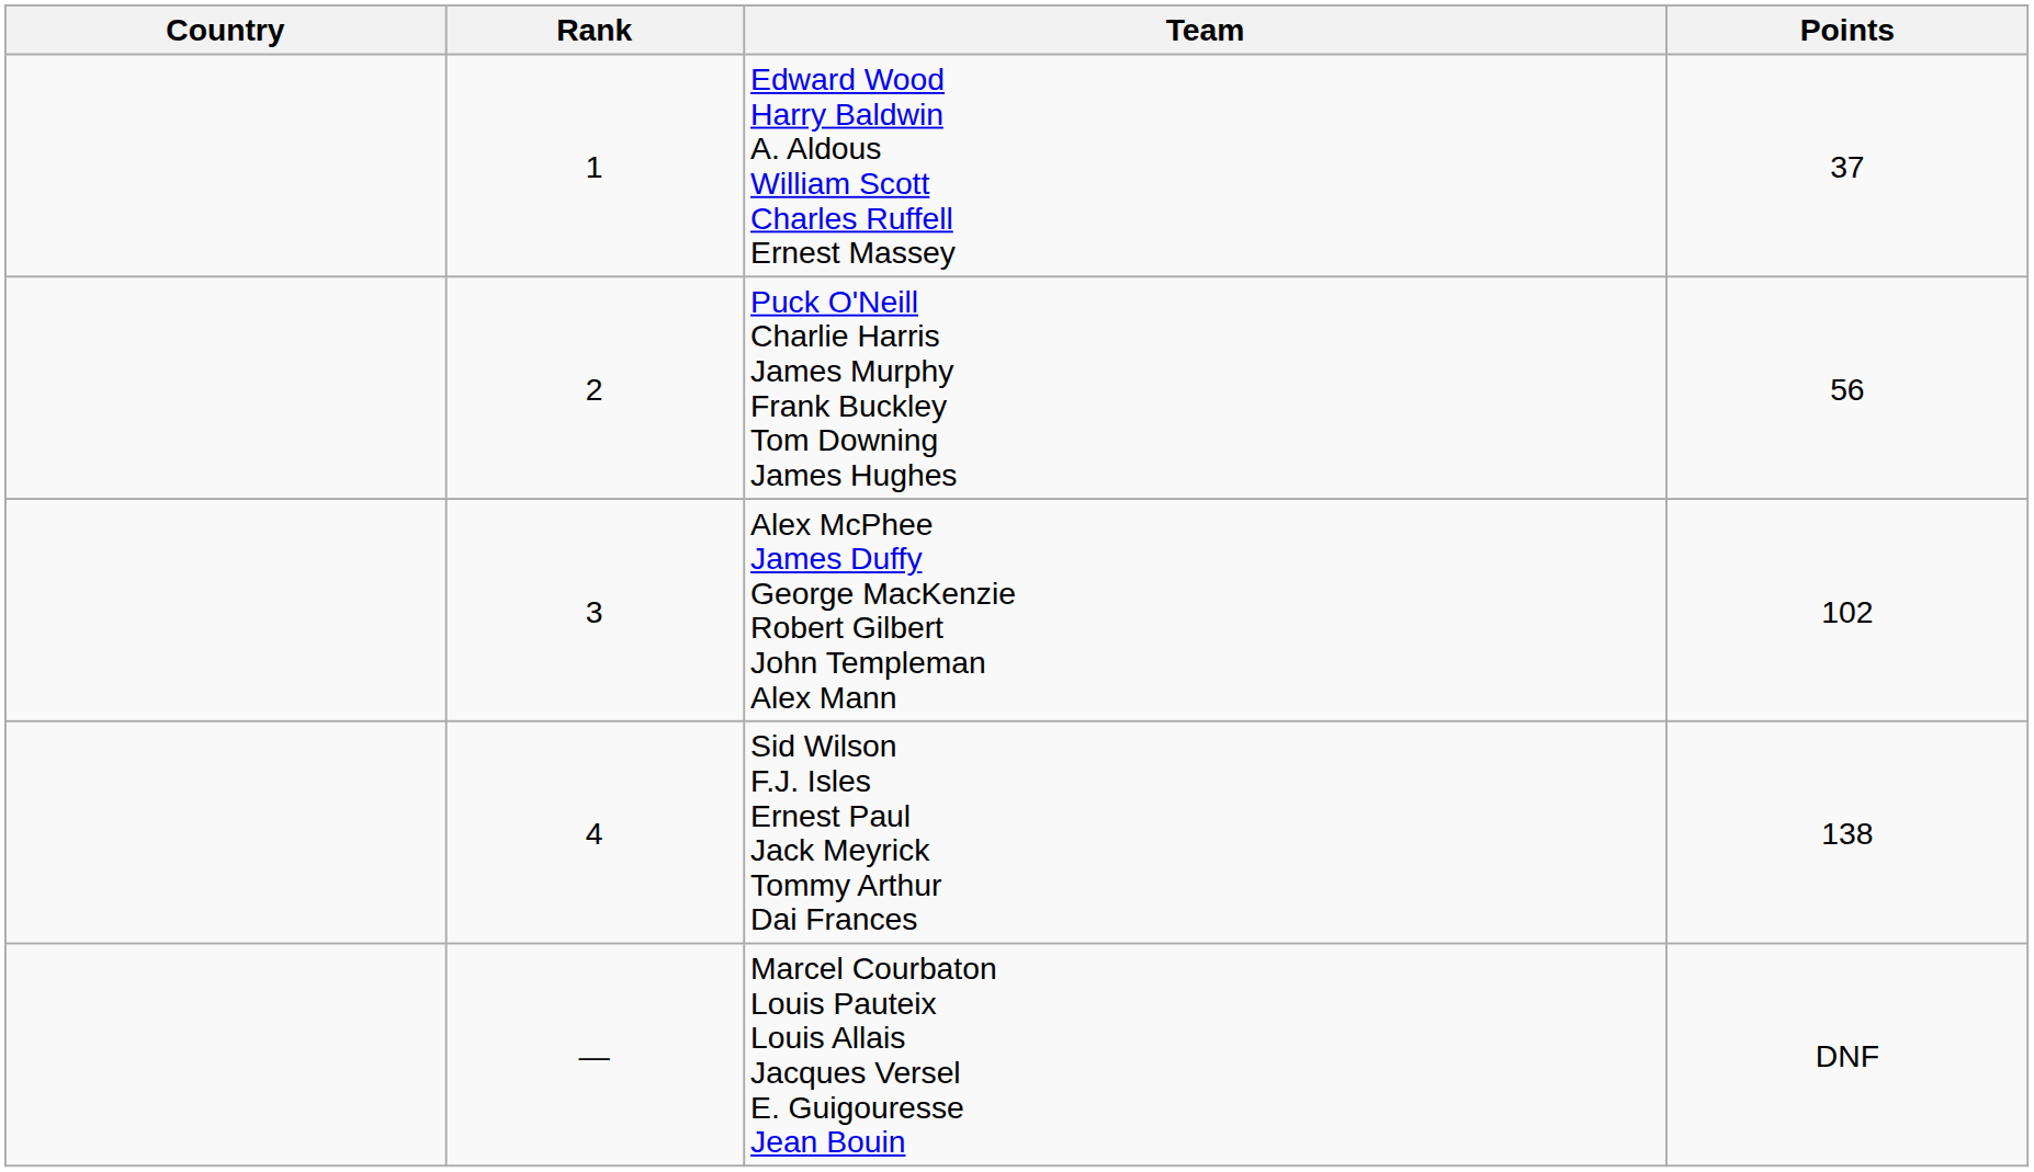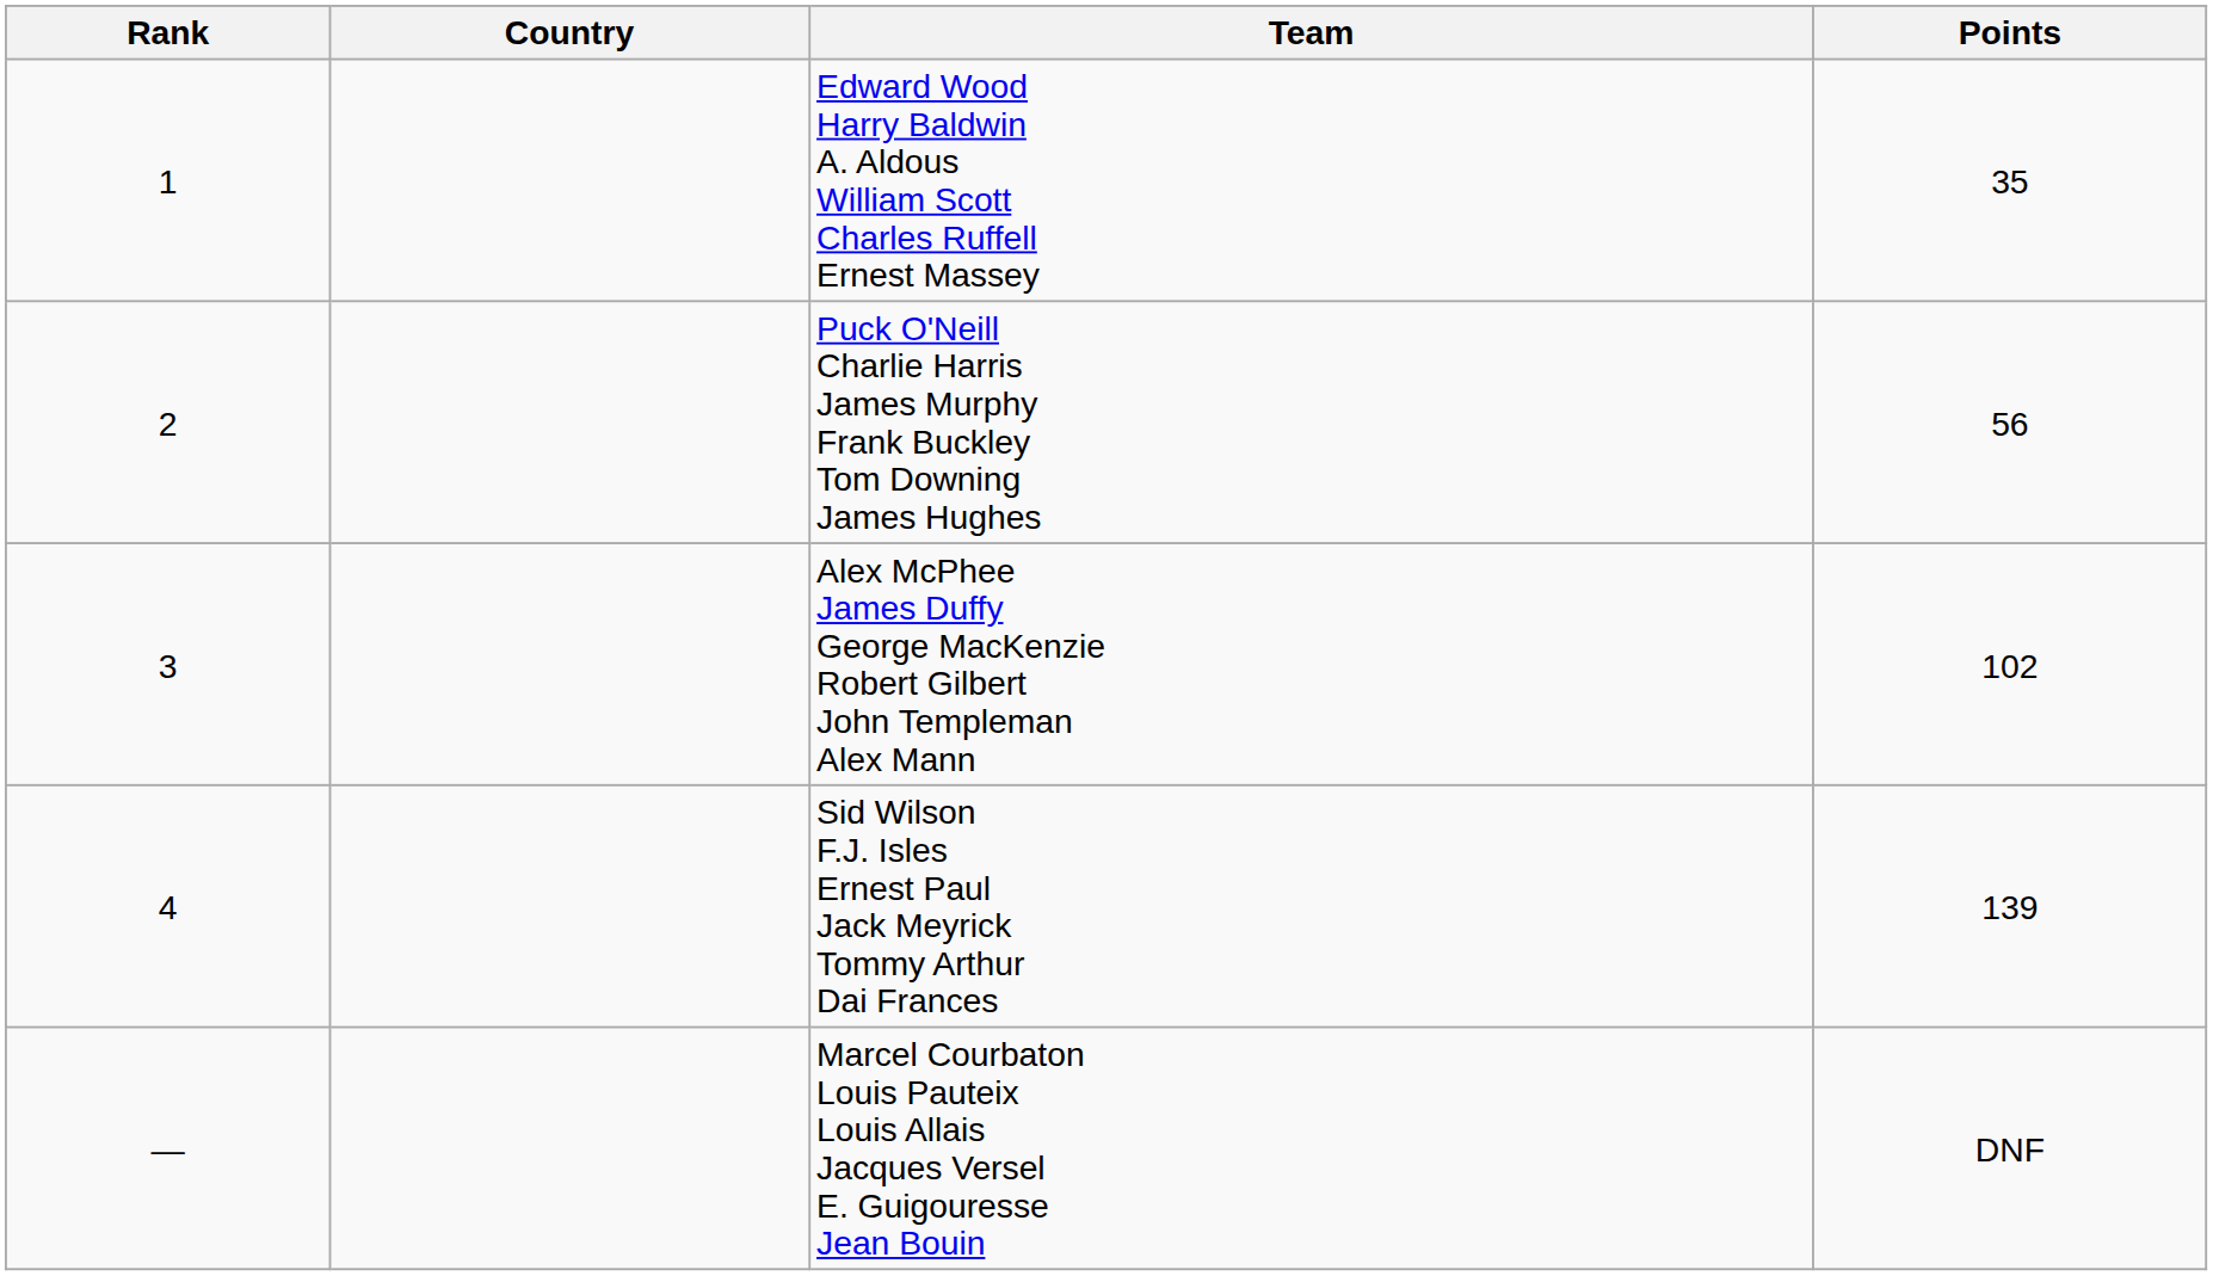 <table class="wikitable sortable" style=" text-align:center; font-size:95%;" width="50%">
 <tr>
+<th>Rank</th>
 <th>Country</th>
-<th>Rank</th>
 <th>Team</th>
 <th>Points</th>
 </tr>
 <tr>
+<td align=center>1</td>
 <td align=left></td>
-<td align=center>1</td>
 <td align=left><a href='#'>Edward Wood</a><br><a href='#'>Harry Baldwin</a><br>A. Aldous<br><a href='#'>William Scott</a><br><a href='#'>Charles Ruffell</a><br>Ernest Massey</td>
-<td>37</td>
+<td>35</td>
 </tr>
 <tr>
+<td align=center>2</td>
 <td align=left></td>
-<td align=center>2</td>
 <td align=left><a href='#'>Puck O'Neill</a><br>Charlie Harris<br>James Murphy<br>Frank Buckley<br>Tom Downing<br>James Hughes</td>
 <td>56</td>
 </tr>
 <tr>
+<td align=center>3</td>
 <td align=left></td>
-<td align=center>3</td>
 <td align=left>Alex McPhee<br><a href='#'>James Duffy</a><br>George MacKenzie<br>Robert Gilbert<br>John Templeman<br>Alex Mann</td>
 <td>102</td>
 </tr>
 <tr>
+<td align=center>4</td>
 <td align=left></td>
-<td align=center>4</td>
 <td align=left>Sid Wilson<br>F.J. Isles<br>Ernest Paul<br>Jack Meyrick<br>Tommy Arthur<br>Dai Frances</td>
-<td>138</td>
+<td>139</td>
 </tr>
 <tr>
+<td align=center>—</td>
 <td align=left></td>
-<td align=center>—</td>
 <td align=left>Marcel Courbaton<br>Louis Pauteix<br>Louis Allais<br>Jacques Versel<br>E. Guigouresse<br><a href='#'>Jean Bouin</a></td>
 <td>DNF</td>
 </tr>
 </table>
